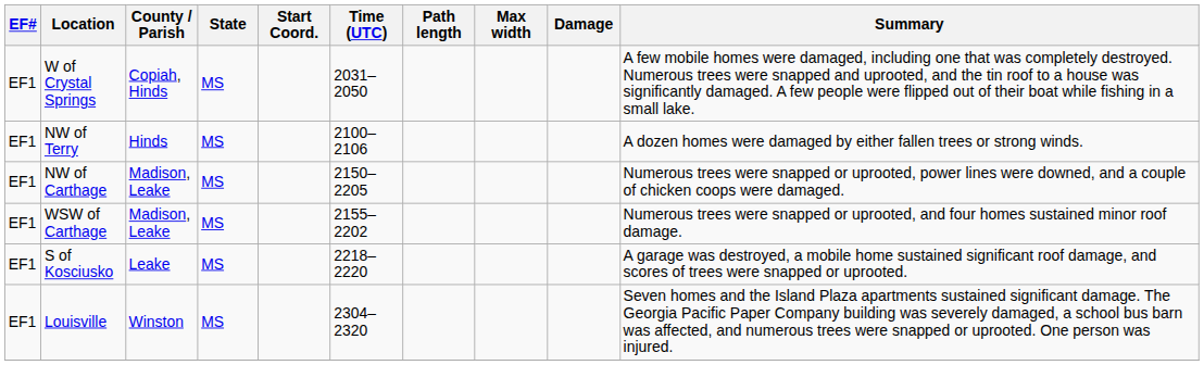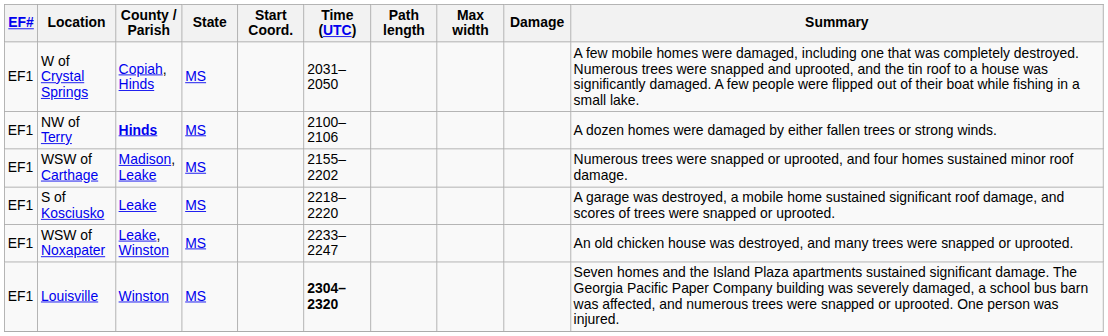 <table class="wikitable sortable" style="width:100%;">
 <tr>
 <th scope="col" width="3%" align="center"><a href='#'>EF#</a></th>
 <th scope="col" width="7%" align="center" class="unsortable">Location</th>
 <th scope="col" width="6%" align="center" class="unsortable">County / Parish</th>
 <th scope="col" width="5%" align="center">State</th>
 <th scope="col" width="6%" align="center">Start Coord.</th>
 <th scope="col" width="6%" align="center">Time (<a href='#'>UTC</a>)</th>
 <th scope="col" width="6%" align="center">Path length</th>
 <th scope="col" width="6%" align="center">Max width</th>
 <th scope="col" width="6%" align="center">Damage</th>
 <th scope="col" width="48%" class="unsortable" align="center">Summary</th>
 </tr>
 <tr>
 <td>EF1</td>
 <td>W of <a href='#'>Crystal Springs</a></td>
 <td><a href='#'>Copiah</a>, <a href='#'>Hinds</a></td>
 <td><a href='#'>MS</a></td>
 <td></td>
 <td>2031–2050</td>
 <td></td>
 <td></td>
 <td></td>
 <td>A few mobile homes were damaged, including one that was completely destroyed. Numerous trees were snapped and uprooted, and the tin roof to a house was significantly damaged. A few people were flipped out of their boat while fishing in a small lake.</td>
 </tr>
 <tr>
 <td>EF1</td>
 <td>NW of <a href='#'>Terry</a></td>
-<td><a href='#'>Hinds</a></td>
+<td><strong><a href='#'>Hinds</a></strong></td>
 <td><a href='#'>MS</a></td>
 <td></td>
 <td>2100–2106</td>
 <td></td>
 <td></td>
 <td></td>
 <td>A dozen homes were damaged by either fallen trees or strong winds.</td>
-</tr>
-<tr>
-<td>EF1</td>
-<td>NW of <a href='#'>Carthage</a></td>
-<td><a href='#'>Madison</a>, <a href='#'>Leake</a></td>
-<td><a href='#'>MS</a></td>
-<td></td>
-<td>2150–2205</td>
-<td></td>
-<td></td>
-<td></td>
-<td>Numerous trees were snapped or uprooted, power lines were downed, and a couple of chicken coops were damaged.</td>
 </tr>
 <tr>
 <td>EF1</td>
 <td>WSW of <a href='#'>Carthage</a></td>
 <td><a href='#'>Madison</a>, <a href='#'>Leake</a></td>
 <td><a href='#'>MS</a></td>
 <td></td>
 <td>2155–2202</td>
 <td></td>
 <td></td>
 <td></td>
 <td>Numerous trees were snapped or uprooted, and four homes sustained minor roof damage.</td>
 </tr>
 <tr>
 <td>EF1</td>
 <td>S of <a href='#'>Kosciusko</a></td>
 <td><a href='#'>Leake</a></td>
 <td><a href='#'>MS</a></td>
 <td></td>
 <td>2218–2220</td>
 <td></td>
 <td></td>
 <td></td>
 <td>A garage was destroyed, a mobile home sustained significant roof damage, and scores of trees were snapped or uprooted.</td>
 </tr>
 <tr>
 <td>EF1</td>
+<td>WSW of <a href='#'>Noxapater</a></td>
+<td><a href='#'>Leake</a>, <a href='#'>Winston</a></td>
+<td><a href='#'>MS</a></td>
+<td></td>
+<td>2233–2247</td>
+<td></td>
+<td></td>
+<td></td>
+<td>An old chicken house was destroyed, and many trees were snapped or uprooted.</td>
+</tr>
+<tr>
+<td>EF1</td>
 <td><a href='#'>Louisville</a></td>
 <td><a href='#'>Winston</a></td>
 <td><a href='#'>MS</a></td>
 <td></td>
-<td>2304–2320</td>
+<td><strong>2304–2320</strong></td>
 <td></td>
 <td></td>
 <td></td>
 <td>Seven homes and the Island Plaza apartments sustained significant damage. The Georgia Pacific Paper Company building was severely damaged, a school bus barn was affected, and numerous trees were snapped or uprooted. One person was injured.</td>
 </tr>
 <tr>
 </tr>
 </table>
